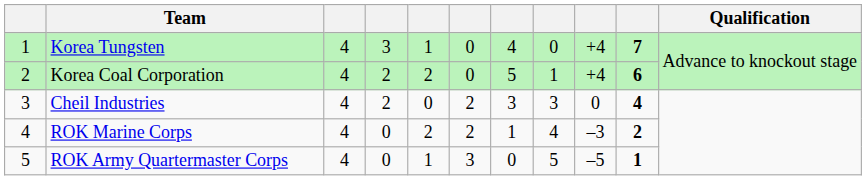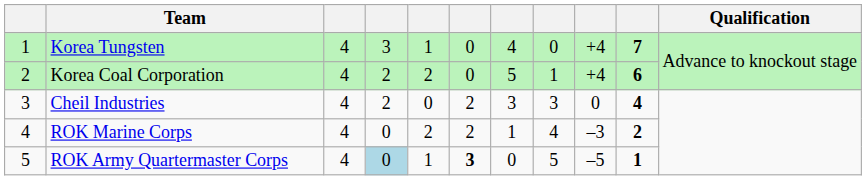 <table class="wikitable" style="text-align:center;">
 <tr>
 <th width=30></th>
 <th width=240>Team</th>
 <th width=30></th>
 <th width=30></th>
 <th width=30></th>
 <th width=30></th>
 <th width=30></th>
 <th width=30></th>
 <th width=30></th>
 <th width=30></th>
 <th>Qualification</th>
 </tr>
 <tr bgcolor=#BBF3BB>
 <td>1</td>
 <td align=left><a href='#'>Korea Tungsten</a></td>
 <td>4</td>
 <td>3</td>
 <td>1</td>
 <td>0</td>
 <td>4</td>
 <td>0</td>
 <td>+4</td>
 <td><strong>7</strong></td>
 <td rowspan=2>Advance to knockout stage</td>
 </tr>
 <tr bgcolor=#BBF3BB>
 <td>2</td>
 <td align=left>Korea Coal Corporation</td>
 <td>4</td>
 <td>2</td>
 <td>2</td>
 <td>0</td>
 <td>5</td>
 <td>1</td>
 <td>+4</td>
 <td><strong>6</strong></td>
 </tr>
 <tr>
 <td>3</td>
 <td align=left><a href='#'>Cheil Industries</a></td>
 <td>4</td>
 <td>2</td>
 <td>0</td>
 <td>2</td>
 <td>3</td>
 <td>3</td>
 <td>0</td>
 <td><strong>4</strong></td>
 </tr>
 <tr>
 <td>4</td>
 <td align=left><a href='#'>ROK Marine Corps</a></td>
 <td>4</td>
 <td>0</td>
 <td>2</td>
 <td>2</td>
 <td>1</td>
 <td>4</td>
 <td>–3</td>
 <td><strong>2</strong></td>
 </tr>
 <tr>
 <td>5</td>
 <td align=left><a href='#'>ROK Army Quartermaster Corps</a></td>
 <td>4</td>
-<td>0</td>
+<td style="background: lightblue;">0</td>
 <td>1</td>
-<td>3</td>
+<td><strong>3</strong></td>
 <td>0</td>
 <td>5</td>
 <td>–5</td>
 <td><strong>1</strong></td>
 </tr>
 </table>
